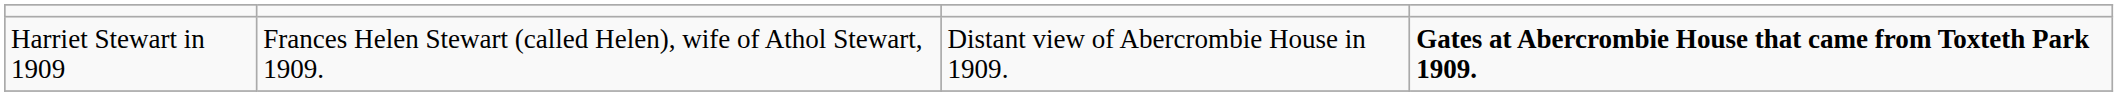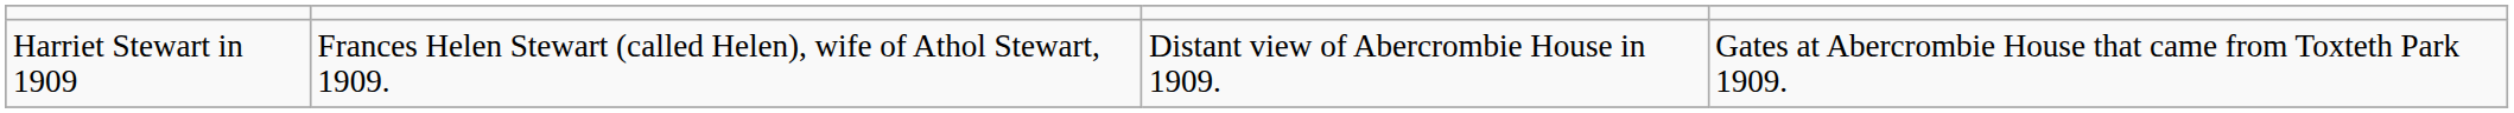 <table class="wikitable" border="1">
 <tr>
 <td></td>
 <td></td>
 <td></td>
 <td></td>
 </tr>
 <tr>
 <td>Harriet Stewart in 1909</td>
 <td>Frances Helen Stewart (called Helen), wife of Athol Stewart, 1909.</td>
 <td>Distant view of Abercrombie House in 1909.</td>
-<td><strong>Gates at Abercrombie House that came from Toxteth Park 1909.</strong></td>
+<td>Gates at Abercrombie House that came from Toxteth Park 1909.</td>
 </tr>
 </table>
